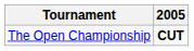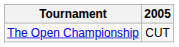 <table class="wikitable" style="font-size:95%;text-align:center;">
 <tr>
 <th>Tournament</th>
 <th>2005</th>
 </tr>
 <tr>
 <td align=left><a href='#'>The Open Championship</a></td>
-<td><strong>CUT</strong></td>
+<td>CUT</td>
 </tr>
 </table>
